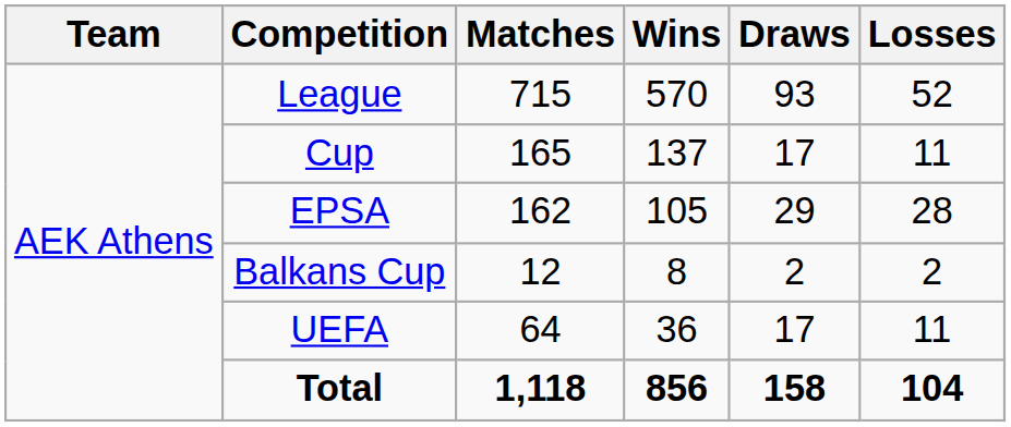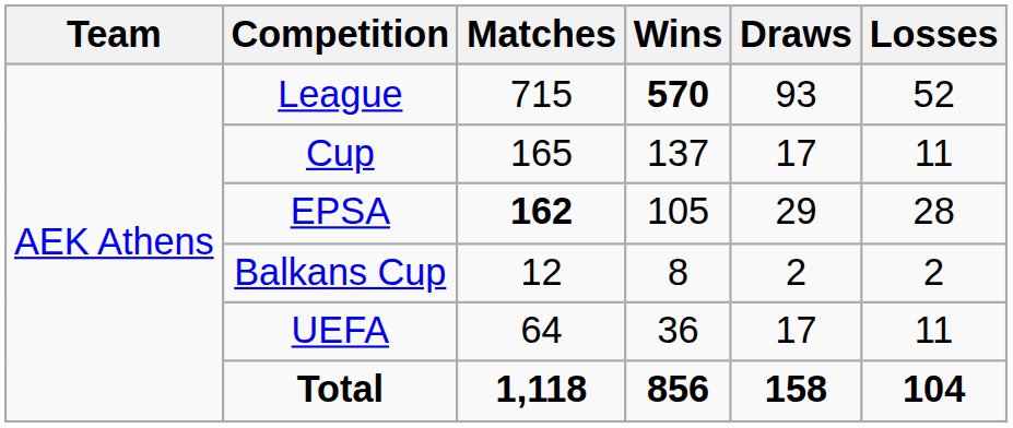 <table class="wikitable" style="text-align:center">
 <tr>
 <th>Team</th>
 <th>Competition</th>
 <th>Matches</th>
 <th>Wins</th>
 <th>Draws</th>
 <th>Losses</th>
 </tr>
 <tr>
 <td rowspan="6"><a href='#'>AEK Athens</a></td>
 <td><a href='#'>League</a></td>
 <td>715</td>
-<td>570</td>
+<td><strong>570</strong></td>
 <td>93</td>
 <td>52</td>
 </tr>
 <tr>
 <td><a href='#'>Cup</a></td>
 <td>165</td>
 <td>137</td>
 <td>17</td>
 <td>11</td>
 </tr>
 <tr>
 <td><a href='#'>EPSA</a></td>
-<td>162</td>
+<td><strong>162</strong></td>
 <td>105</td>
 <td>29</td>
 <td>28</td>
 </tr>
 <tr>
 <td><a href='#'>Balkans Cup</a></td>
 <td>12</td>
 <td>8</td>
 <td>2</td>
 <td>2</td>
 </tr>
 <tr>
 <td><a href='#'>UEFA</a></td>
 <td>64</td>
 <td>36</td>
 <td>17</td>
 <td>11</td>
 </tr>
 <tr>
 <td><strong>Total</strong></td>
 <td><strong>1,118</strong></td>
 <td><strong>856</strong></td>
 <td><strong>158</strong></td>
 <td><strong>104</strong></td>
 </tr>
 </table>
